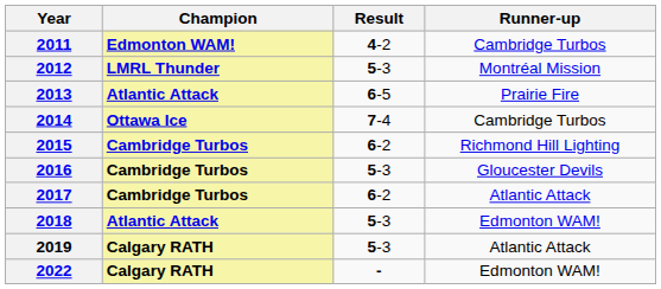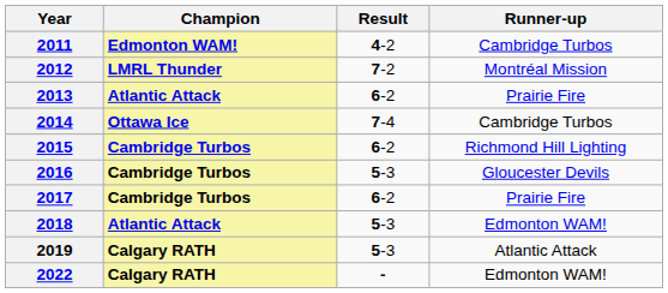 <table class="wikitable" style="text-align:left; font-size:90%">
 <tr align="left" style="font-weight:bold; background-color:#dddddd;">
 <th width=15%>Year</th>
 <th width=200px>Champion</th>
 <th width=75px>Result</th>
 <th width=200px>Runner-up</th>
 </tr>
 <tr>
 <th align=center><a href='#'>2011</a></th>
 <td align=left style="background:#f7f6a8;"> <strong><a href='#'>Edmonton WAM!</a></strong></td>
 <td align=center><strong>4</strong>-2</td>
 <td align=center><a href='#'>Cambridge Turbos</a></td>
 </tr>
 <tr>
 <th align=center><a href='#'>2012</a></th>
 <td align=left style="background:#f7f6a8;"> <strong><a href='#'>LMRL Thunder</a></strong></td>
-<td align=center><strong>5</strong>-3</td>
+<td align=center><strong>7</strong>-2</td>
 <td align=center><a href='#'>Montréal Mission</a></td>
 </tr>
 <tr>
 <th align=center><a href='#'>2013</a></th>
 <td align=left style="background:#f7f6a8;"> <strong><a href='#'>Atlantic Attack</a></strong></td>
-<td align=center><strong>6</strong>-5</td>
+<td align=center><strong>6</strong>-2</td>
 <td align=center><a href='#'>Prairie Fire</a></td>
 </tr>
 <tr>
 <th align=center><a href='#'>2014</a></th>
 <td align=left style="background:#f7f6a8;"> <strong><a href='#'>Ottawa Ice</a></strong></td>
 <td align=center><strong>7</strong>-4</td>
 <td align=center>Cambridge Turbos</td>
 </tr>
 <tr>
 <th align=center><a href='#'>2015</a></th>
 <td align=left style="background:#f7f6a8;"> <strong><a href='#'>Cambridge Turbos</a></strong></td>
 <td align=center><strong>6</strong>-2</td>
 <td align=center><a href='#'>Richmond Hill Lighting</a></td>
 </tr>
 <tr>
 <th align=center><a href='#'>2016</a></th>
 <td align=left style="background:#f7f6a8;"> <strong>Cambridge Turbos</strong></td>
 <td align=center><strong>5</strong>-3</td>
 <td align=center><a href='#'>Gloucester Devils</a></td>
 </tr>
 <tr>
 <th align=center><a href='#'>2017</a></th>
 <td align=left style="background:#f7f6a8;"> <strong>Cambridge Turbos</strong></td>
 <td align=center><strong>6</strong>-2</td>
-<td align=center><a href='#'>Atlantic Attack</a></td>
+<td align=center><a href='#'>Prairie Fire</a></td>
 </tr>
 <tr>
 <th align=center><a href='#'>2018</a></th>
 <td align=left style="background:#f7f6a8;"> <strong><a href='#'>Atlantic Attack</a></strong></td>
 <td align=center><strong>5</strong>-3</td>
 <td align=center><a href='#'>Edmonton WAM!</a></td>
 </tr>
 <tr>
 <th align=center>2019</th>
 <td align=left style="background:#f7f6a8;"> <strong>Calgary RATH</strong></td>
 <td align=center><strong>5</strong>-3</td>
 <td align=center>Atlantic Attack</td>
 </tr>
 <tr>
 <th align=center><a href='#'>2022</a></th>
 <td align=left style="background:#f7f6a8;"> <strong>Calgary RATH</strong></td>
 <td align=center><strong> - </strong></td>
 <td align=center>Edmonton WAM!</td>
 </tr>
 </table>
